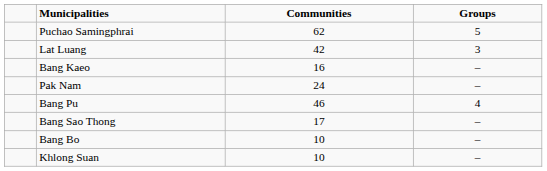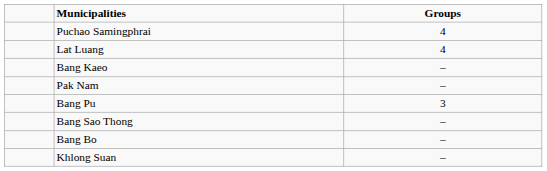 <table class="wikitable" style="width:60%;">
 <tr>
 <td scope="col" style="width:6%;"> </td>
 <td scope="col" style="width:35%;"><strong>Municipalities</strong></td>
-<td scope="col" style="width:35%; text-align:center;"><strong>Communities</strong></td>
 <td scope="col" style="width:24%; text-align:center;"><strong>Groups</strong></td>
 </tr>
 <tr>
 <td scope="row"> </td>
 <td>Puchao Samingphrai</td>
-<td style="text-align:center;">62</td>
-<td style="text-align:center;">5</td>
+<td style="text-align:center;">4</td>
 </tr>
 <tr>
 <td scope="row"> </td>
 <td>Lat Luang</td>
-<td style="text-align:center;">42</td>
-<td style="text-align:center;">3</td>
+<td style="text-align:center;">4</td>
 </tr>
 <tr>
 <td scope="row"> </td>
 <td>Bang Kaeo</td>
-<td style="text-align:center;">16</td>
 <td style="text-align:center;">–</td>
 </tr>
 <tr>
 <td scope="row"> </td>
 <td>Pak Nam</td>
-<td style="text-align:center;">24</td>
 <td style="text-align:center;">–</td>
 </tr>
 <tr>
 <td scope="row"> </td>
 <td>Bang Pu</td>
-<td style="text-align:center;">46</td>
-<td style="text-align:center;">4</td>
+<td style="text-align:center;">3</td>
 </tr>
 <tr>
 <td scope="row"> </td>
 <td>Bang Sao Thong</td>
-<td style="text-align:center;">17</td>
 <td style="text-align:center;">–</td>
 </tr>
 <tr>
 <td scope="row"> </td>
 <td>Bang Bo</td>
-<td style="text-align:center;">10</td>
 <td style="text-align:center;">–</td>
 </tr>
 <tr>
 <td scope="row"> </td>
 <td>Khlong Suan</td>
-<td style="text-align:center;">10</td>
 <td style="text-align:center;">–</td>
 </tr>
 </table>
